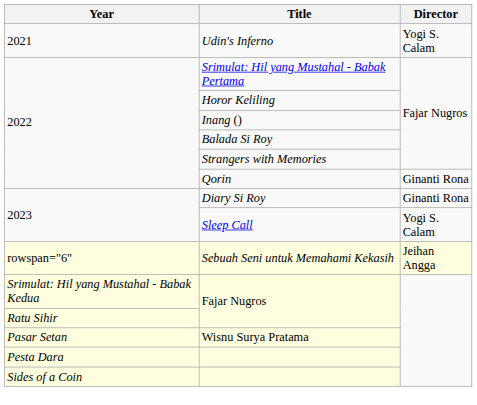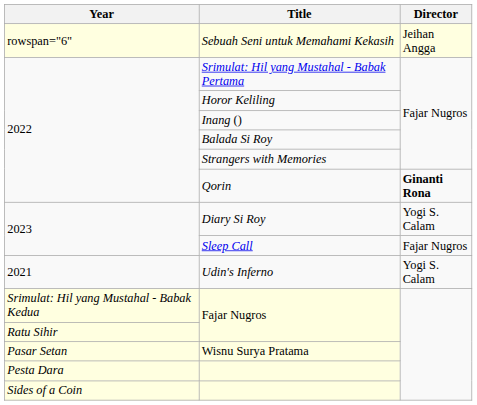 <table class="wikitable">
 <tr>
 <th>Year</th>
 <th>Title</th>
 <th>Director</th>
 </tr>
-<tr>
-<td>2021</td>
-<td><em>Udin's Inferno</em> </td>
-<td>Yogi S. Calam</td>
+<tr style="background-color:#FFFFE0; color:black;">
+<td>rowspan="6" </td>
+<td><em>Sebuah Seni untuk Memahami Kekasih</em></td>
+<td>Jeihan Angga</td>
 </tr>
 <tr>
 <td rowspan="6">2022</td>
 <td><em><a href='#'>Srimulat: Hil yang Mustahal - Babak Pertama</a></em></td>
 <td rowspan="5">Fajar Nugros</td>
 </tr>
 <tr>
 <td><em>Horor Keliling</em></td>
 </tr>
 <tr>
 <td><em>Inang</em> ()</td>
 </tr>
 <tr>
 <td><em>Balada Si Roy</em></td>
 </tr>
 <tr>
 <td><em>Strangers with Memories</em> </td>
 </tr>
 <tr>
 <td><em>Qorin</em></td>
-<td>Ginanti Rona</td>
+<td><strong>Ginanti Rona</strong></td>
 </tr>
 <tr>
 <td rowspan="2">2023</td>
 <td><em>Diary Si Roy</em> </td>
-<td>Ginanti Rona</td>
+<td>Yogi S. Calam</td>
 </tr>
 <tr>
 <td><em><a href='#'>Sleep Call</a></em></td>
+<td>Fajar Nugros</td>
+</tr>
+<tr>
+<td>2021</td>
+<td><em>Udin's Inferno</em> </td>
 <td>Yogi S. Calam</td>
-</tr>
-<tr style="background-color:#FFFFE0; color:black;">
-<td>rowspan="6" </td>
-<td><em>Sebuah Seni untuk Memahami Kekasih</em></td>
-<td>Jeihan Angga</td>
 </tr>
 <tr style="background-color:#FFFFE0; color:black;">
 <td><em>Srimulat: Hil yang Mustahal - Babak Kedua</em></td>
 <td rowspan="2">Fajar Nugros</td>
 </tr>
 <tr style="background-color:#FFFFE0; color:black;">
 <td><em>Ratu Sihir</em></td>
 </tr>
 <tr style="background-color:#FFFFE0; color:black;">
 <td><em>Pasar Setan</em></td>
 <td>Wisnu Surya Pratama</td>
 </tr>
 <tr style="background-color:#FFFFE0; color:black;">
 <td><em>Pesta Dara</em></td>
 <td></td>
 </tr>
 <tr style="background-color:#FFFFE0; color:black;">
 <td><em>Sides of a Coin</em></td>
 <td></td>
 </tr>
 </table>
